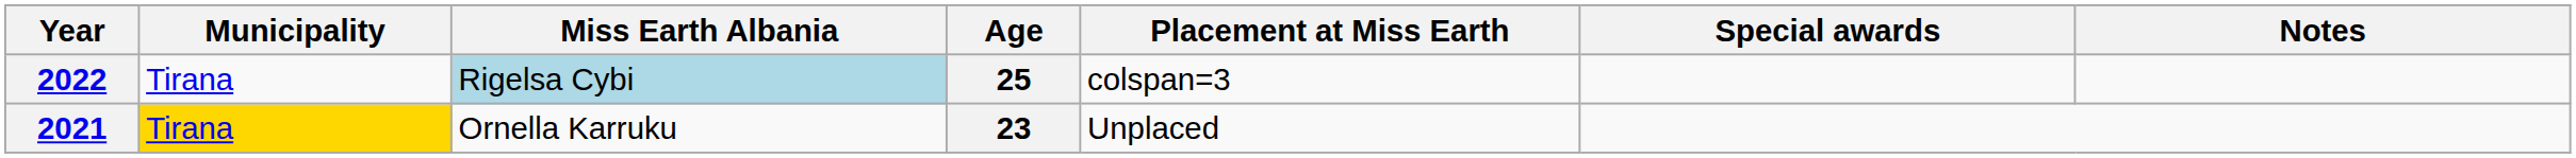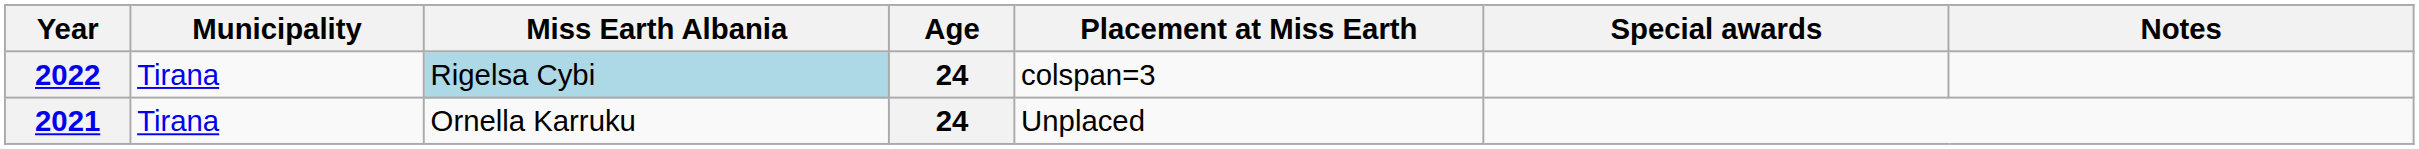 <table class="wikitable " style="font-size: 95%;">
 <tr>
 <th width="60">Year</th>
 <th width="150">Municipality</th>
 <th width="250">Miss Earth Albania</th>
 <th width="60">Age</th>
 <th width="250">Placement at Miss Earth</th>
 <th width="250">Special awards</th>
 <th width="250">Notes</th>
 </tr>
 <tr>
 <th><a href='#'>2022</a></th>
 <td><a href='#'>Tirana</a></td>
 <td style="background: lightblue;">Rigelsa Cybi</td>
-<th>25</th>
+<th>24</th>
 <td>colspan=3 </td>
 <td></td>
 <td></td>
 </tr>
 <tr>
 <th><a href='#'>2021</a></th>
-<td style="background: gold;"><a href='#'>Tirana</a></td>
+<td><a href='#'>Tirana</a></td>
 <td>Ornella Karruku</td>
-<th>23</th>
+<th>24</th>
 <td>Unplaced</td>
 </tr>
 </table>
